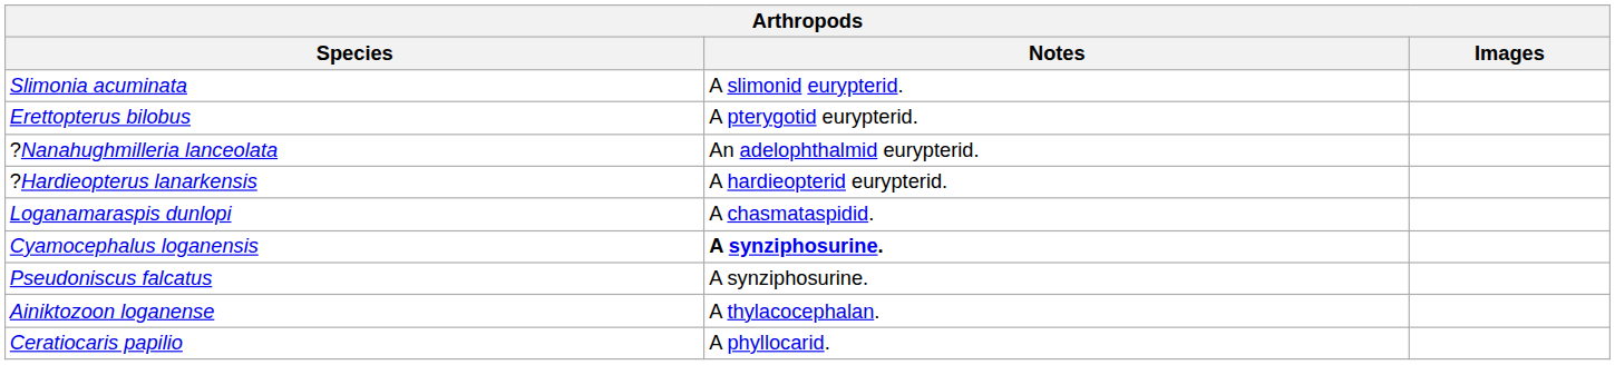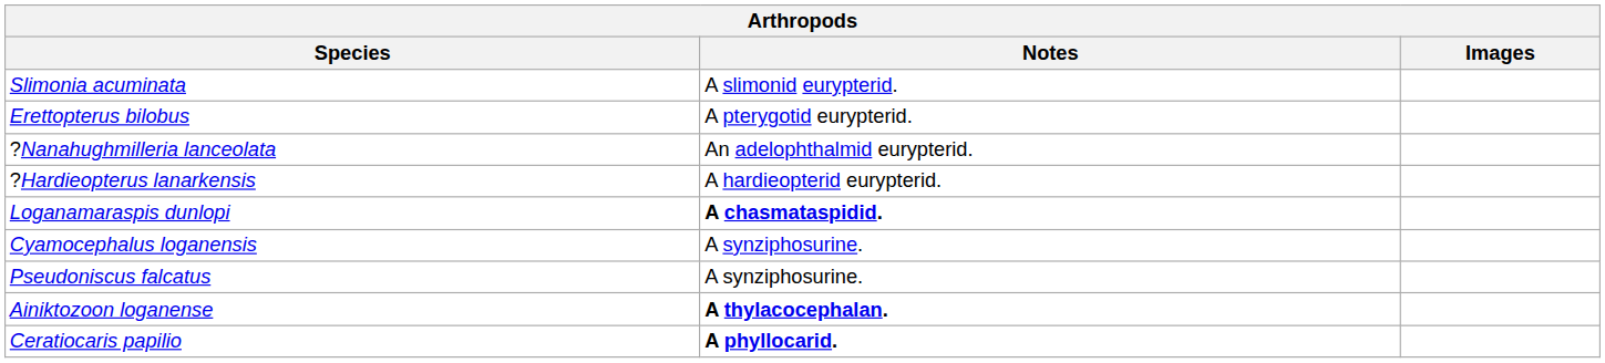 <table class="wikitable sortable" style="background:white; width:100%;">
 <tr>
 <th colspan="4" align="center">Arthropods</th>
 </tr>
 <tr>
 <th>Species</th>
 <th>Notes</th>
 <th>Images</th>
 </tr>
 <tr>
 <td><em><a href='#'>Slimonia acuminata</a></em></td>
 <td>A <a href='#'>slimonid</a> <a href='#'>eurypterid</a>.</td>
 <td></td>
 </tr>
 <tr>
 <td><em><a href='#'>Erettopterus bilobus</a></em></td>
 <td>A <a href='#'>pterygotid</a> eurypterid.</td>
 <td></td>
 </tr>
 <tr>
 <td>?<em><a href='#'>Nanahughmilleria lanceolata</a></em></td>
 <td>An <a href='#'>adelophthalmid</a> eurypterid.</td>
 <td></td>
 </tr>
 <tr>
 <td>?<em><a href='#'>Hardieopterus lanarkensis</a></em></td>
 <td>A <a href='#'>hardieopterid</a> eurypterid.</td>
 <td></td>
 </tr>
 <tr>
 <td><em><a href='#'>Loganamaraspis dunlopi</a></em></td>
-<td>A <a href='#'>chasmataspidid</a>.</td>
+<td><strong>A <a href='#'>chasmataspidid</a>.</strong></td>
 <td></td>
 </tr>
 <tr>
 <td><em><a href='#'>Cyamocephalus loganensis</a></em></td>
-<td><strong>A <a href='#'>synziphosurine</a>.</strong></td>
+<td>A <a href='#'>synziphosurine</a>.</td>
 <td></td>
 </tr>
 <tr>
 <td><em><a href='#'>Pseudoniscus falcatus</a></em></td>
 <td>A synziphosurine.</td>
 <td></td>
 </tr>
 <tr>
 <td><em><a href='#'>Ainiktozoon loganense</a></em></td>
-<td>A <a href='#'>thylacocephalan</a>.</td>
+<td><strong>A <a href='#'>thylacocephalan</a>.</strong></td>
 <td></td>
 </tr>
 <tr>
 <td><em><a href='#'>Ceratiocaris papilio</a></em></td>
-<td>A <a href='#'>phyllocarid</a>.</td>
+<td><strong>A <a href='#'>phyllocarid</a>.</strong></td>
 <td></td>
 </tr>
 </table>
